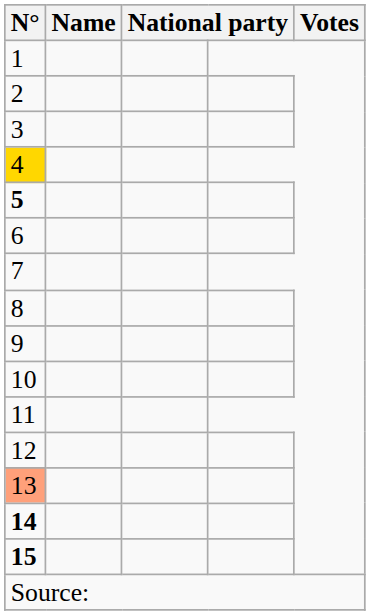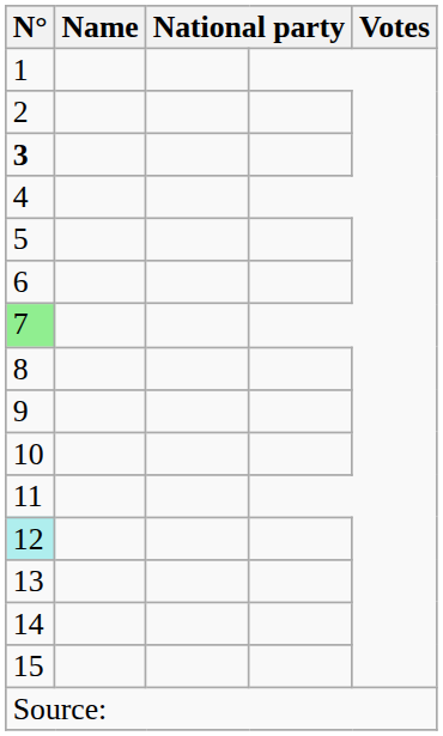 <table class="wikitable sortable" style="font-size:95%;line-height:14px;">
 <tr>
 <th>N°</th>
 <th>Name</th>
 <th colspan="2">National party</th>
 <th>Votes</th>
 </tr>
 <tr>
 <td>1</td>
 <td></td>
 <td></td>
 </tr>
 <tr>
 <td>2</td>
 <td></td>
 <td></td>
 <td></td>
 </tr>
 <tr>
-<td>3</td>
+<td><strong>3</strong></td>
 <td></td>
 <td></td>
 <td></td>
 </tr>
 <tr>
-<td style="background: gold;">4</td>
+<td>4</td>
 <td></td>
 <td></td>
 </tr>
 <tr>
-<td><strong>5</strong></td>
+<td>5</td>
 <td></td>
 <td></td>
 <td></td>
 </tr>
 <tr>
 <td>6</td>
 <td></td>
 <td></td>
 <td></td>
 </tr>
 <tr>
-<td>7</td>
+<td style="background: lightgreen;">7</td>
 <td></td>
 <td></td>
 </tr>
 <tr>
 <td>8</td>
 <td></td>
 <td></td>
 <td></td>
 </tr>
 <tr>
 <td>9</td>
 <td></td>
 <td></td>
 <td></td>
 </tr>
 <tr>
 <td>10</td>
 <td></td>
 <td></td>
 <td></td>
 </tr>
 <tr>
 <td>11</td>
 <td></td>
 <td></td>
 </tr>
 <tr>
-<td>12</td>
+<td style="background: paleturquoise;">12</td>
 <td></td>
 <td></td>
 <td></td>
 </tr>
 <tr>
-<td style="background: lightsalmon;">13</td>
+<td>13</td>
 <td></td>
 <td></td>
 <td></td>
 </tr>
 <tr>
-<td><strong>14</strong></td>
+<td>14</td>
 <td></td>
 <td></td>
 <td></td>
 </tr>
 <tr>
-<td><strong>15</strong></td>
+<td>15</td>
 <td></td>
 <td></td>
 <td></td>
 </tr>
 <tr>
 <td colspan="5">Source: </td>
 </tr>
 </table>
